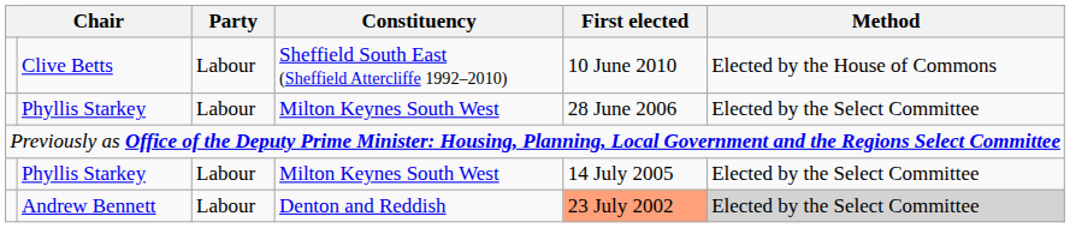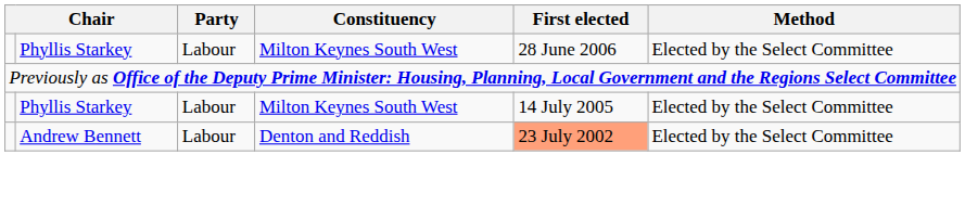 <table class="wikitable">
 <tr>
 <th colspan="2">Chair</th>
 <th>Party</th>
 <th>Constituency</th>
 <th>First elected</th>
 <th>Method</th>
-</tr>
-<tr>
-<td style="color:inherit;background-color: "></td>
-<td><a href='#'>Clive Betts</a></td>
-<td>Labour</td>
-<td><a href='#'>Sheffield South East</a><br><small>(<a href='#'>Sheffield Attercliffe</a> 1992–2010)</small></td>
-<td>10 June 2010</td>
-<td>Elected by the House of Commons</td>
 </tr>
 <tr>
 <td style="color:inherit;background-color: "></td>
 <td><a href='#'>Phyllis Starkey</a></td>
 <td>Labour</td>
 <td><a href='#'>Milton Keynes South West</a></td>
 <td>28 June 2006</td>
 <td>Elected by the Select Committee</td>
 </tr>
 <tr>
 <td colspan="6"><em>Previously as <strong><a href='#'>Office of the Deputy Prime Minister: Housing, Planning, Local Government and the Regions Select Committee</a><strong><em></td>
 </tr>
 <tr>
 <td style="color:inherit;background-color: "></td>
 <td><a href='#'>Phyllis Starkey</a></td>
 <td>Labour</td>
 <td><a href='#'>Milton Keynes South West</a></td>
 <td>14 July 2005</td>
 <td>Elected by the Select Committee</td>
 </tr>
 <tr>
 <td style="color:inherit;background-color: "></td>
 <td><a href='#'>Andrew Bennett</a></td>
 <td>Labour</td>
 <td><a href='#'>Denton and Reddish</a></td>
 <td style="background: lightsalmon;">23 July 2002</td>
-<td style="background: lightgrey;">Elected by the Select Committee</td>
+<td>Elected by the Select Committee</td>
 </tr>
 </table>
